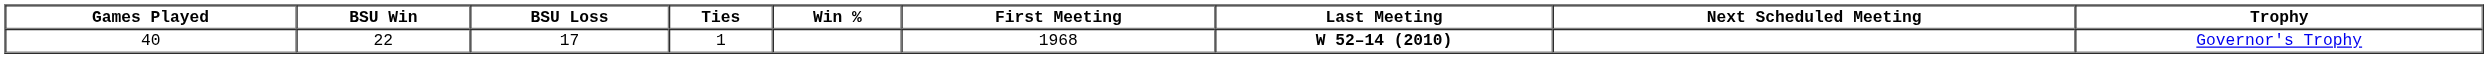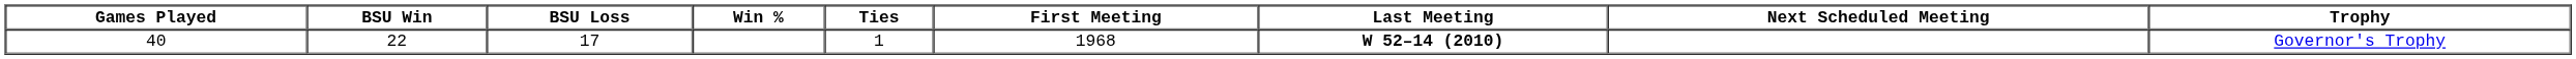 <table cellpadding="1" border="1" cellspacing="0" style="width:100%;">
 <tr>
 <th>Games Played</th>
 <th>BSU Win</th>
 <th>BSU Loss</th>
+<th>Win %</th>
 <th>Ties</th>
-<th>Win %</th>
 <th>First Meeting</th>
 <th>Last Meeting</th>
 <th>Next Scheduled Meeting</th>
 <th>Trophy</th>
 </tr>
 <tr style="text-align:center;">
 <td>40</td>
 <td>22</td>
 <td>17</td>
+<td></td>
 <td>1</td>
-<td></td>
 <td>1968</td>
 <td><strong>W 52–14 (2010)</strong></td>
 <td> </td>
 <td><a href='#'>Governor's Trophy</a></td>
 </tr>
 </table>
